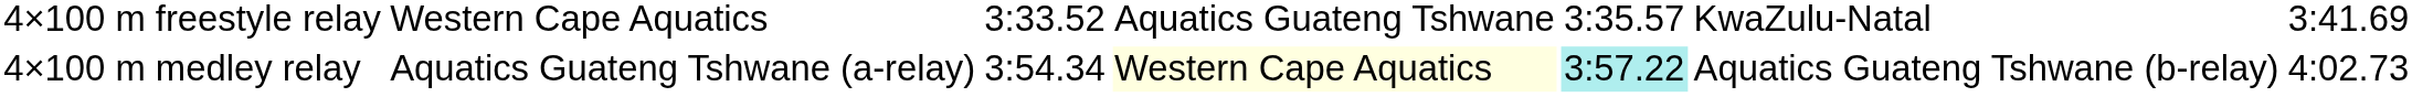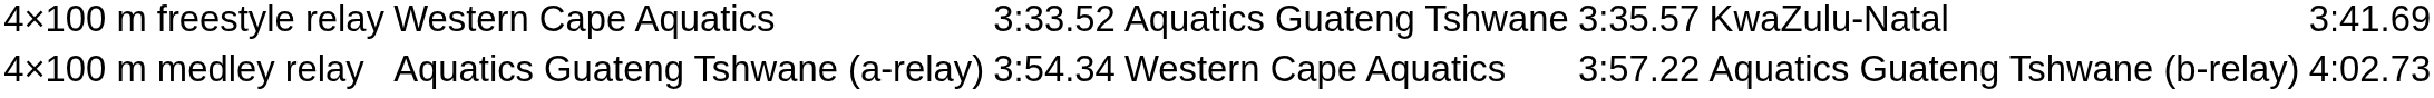 <table>
 <tr>
 <td>4×100 m freestyle relay</td>
 <td>Western Cape Aquatics</td>
 <td>3:33.52</td>
 <td>Aquatics Guateng Tshwane</td>
 <td>3:35.57</td>
 <td>KwaZulu-Natal</td>
 <td>3:41.69</td>
 </tr>
 <tr>
 <td>4×100 m medley relay</td>
 <td>Aquatics Guateng Tshwane (a-relay)</td>
 <td>3:54.34</td>
-<td style="background: lightyellow;">Western Cape Aquatics</td>
-<td style="background: paleturquoise;">3:57.22</td>
+<td>Western Cape Aquatics</td>
+<td>3:57.22</td>
 <td>Aquatics Guateng Tshwane (b-relay)</td>
 <td>4:02.73</td>
 </tr>
 </table>
